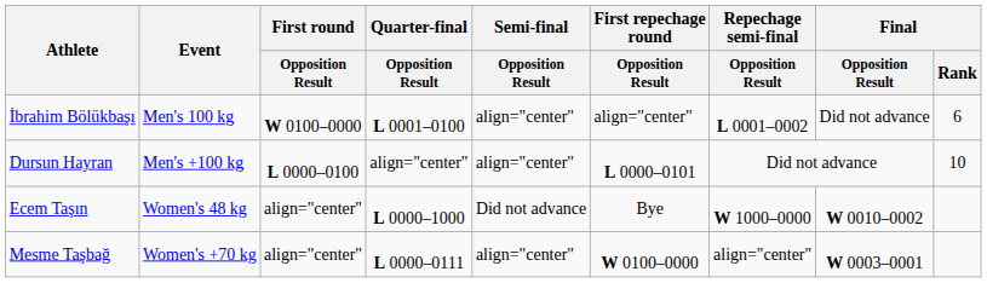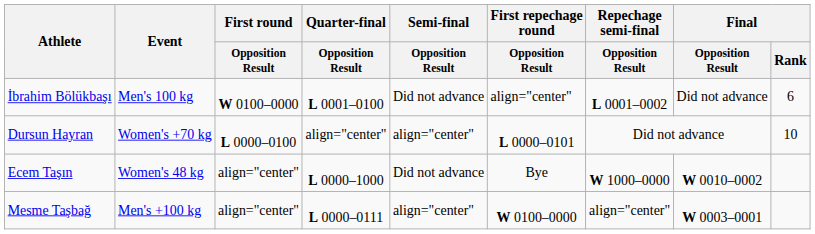 <table class="wikitable" border="1">
 <tr>
 <th rowspan="2">Athlete</th>
 <th rowspan="2">Event</th>
 <th>First round</th>
 <th>Quarter-final</th>
 <th>Semi-final</th>
 <th>First repechage <br>round</th>
 <th>Repechage <br>semi-final</th>
 <th colspan="2">Final</th>
 </tr>
 <tr>
 <th style="line-height:1em"><small>Opposition<br>Result</small></th>
 <th style="line-height:1em"><small>Opposition<br>Result</small></th>
 <th style="line-height:1em"><small>Opposition<br>Result</small></th>
 <th style="line-height:1em"><small>Opposition<br>Result</small></th>
 <th style="line-height:1em"><small>Opposition<br>Result</small></th>
 <th style="line-height:1em"><small>Opposition<br>Result</small></th>
 <th style="line-height:1em">Rank</th>
 </tr>
 <tr>
 <td><a href='#'>İbrahim Bölükbaşı</a></td>
 <td><a href='#'>Men's 100 kg</a></td>
 <td align=center><br><strong>W</strong> 0100–0000</td>
 <td align=center><br><strong>L</strong> 0001–0100</td>
-<td>align="center" </td>
+<td align="center">Did not advance</td>
 <td>align="center" </td>
 <td align=center><br><strong>L</strong> 0001–0002</td>
 <td align="center">Did not advance</td>
 <td align="center">6</td>
 </tr>
 <tr>
 <td><a href='#'>Dursun Hayran</a></td>
-<td><a href='#'>Men's +100 kg</a></td>
+<td><a href='#'>Women's +70 kg</a></td>
 <td align=center><br><strong>L</strong> 0000–0100</td>
 <td>align="center" </td>
 <td>align="center" </td>
 <td align=center><br><strong>L</strong> 0000–0101</td>
 <td align="center" colspan=2>Did not advance</td>
 <td align="center">10</td>
 </tr>
 <tr>
 <td><a href='#'>Ecem Taşın</a></td>
 <td><a href='#'>Women's 48 kg</a></td>
 <td>align="center" </td>
 <td align=center><br><strong>L</strong> 0000–1000</td>
 <td align="center">Did not advance</td>
 <td align="center">Bye</td>
 <td align=center><br><strong>W</strong> 1000–0000</td>
 <td align=center><br><strong>W</strong> 0010–0002</td>
 <td align="center"></td>
 </tr>
 <tr>
 <td><a href='#'>Mesme Taşbağ</a></td>
-<td><a href='#'>Women's +70 kg</a></td>
+<td><a href='#'>Men's +100 kg</a></td>
 <td>align="center" </td>
 <td align=center><br><strong>L</strong> 0000–0111</td>
 <td>align="center" </td>
 <td align=center><br><strong>W</strong> 0100–0000</td>
 <td>align="center" </td>
 <td align=center><br><strong>W</strong> 0003–0001</td>
 <td align="center"></td>
 </tr>
 </table>
